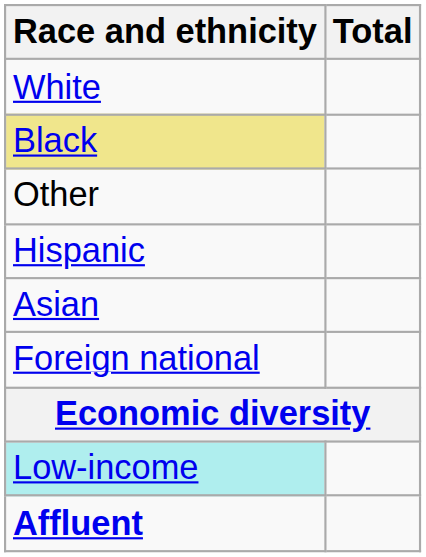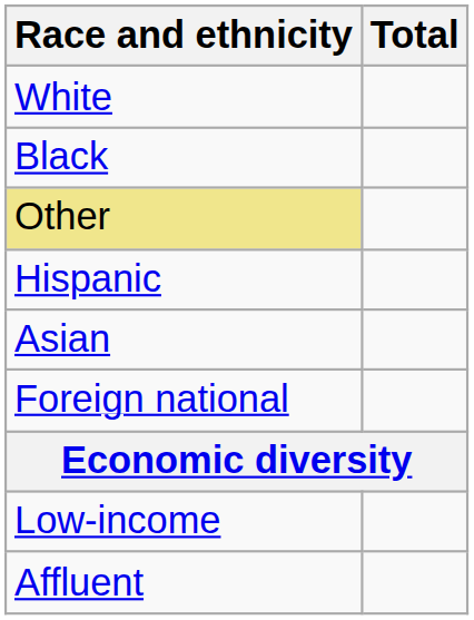 <table class="wikitable floatright sortable collapsible"; text-align:right; font-size:80%;">
 <tr>
 <th>Race and ethnicity</th>
 <th colspan="2" data-sort-type=number>Total</th>
 </tr>
 <tr>
 <td><a href='#'>White</a></td>
 <td align=right></td>
 </tr>
 <tr>
-<td style="background: khaki;"><a href='#'>Black</a></td>
+<td><a href='#'>Black</a></td>
 <td align=right></td>
 </tr>
 <tr>
-<td>Other</td>
+<td style="background: khaki;">Other</td>
 <td align=right></td>
 </tr>
 <tr>
 <td><a href='#'>Hispanic</a></td>
 <td align=right></td>
 </tr>
 <tr>
 <td><a href='#'>Asian</a></td>
 <td align=right></td>
 </tr>
 <tr>
 <td><a href='#'>Foreign national</a></td>
 <td align=right></td>
 </tr>
 <tr>
 <th colspan="3" data-sort-type="number"><a href='#'>Economic diversity</a></th>
 </tr>
 <tr>
-<td style="background: paleturquoise;"><a href='#'>Low-income</a></td>
+<td><a href='#'>Low-income</a></td>
 <td align=right></td>
 </tr>
 <tr>
-<td><strong><a href='#'>Affluent</a></strong></td>
+<td><a href='#'>Affluent</a></td>
 <td align=right></td>
 </tr>
 </table>
